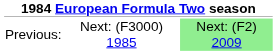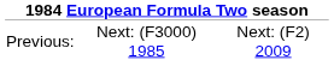 <table style="margin: 0 0 1em 1em; float:right; text-align:center; width: 20em;" class="toccolours">
 <tr>
 <td colspan="3" style="padding:0 1em;border-bottom:1px #aaa solid;"><strong>1984 <a href='#'>European Formula Two</a> season</strong></td>
 </tr>
 <tr>
 <td>Previous: </td>
 <td>Next: (F3000) <a href='#'>1985</a></td>
-<td style="background: lightgreen;">Next: (F2) <a href='#'>2009</a></td>
+<td>Next: (F2) <a href='#'>2009</a></td>
 </tr>
 </table>
